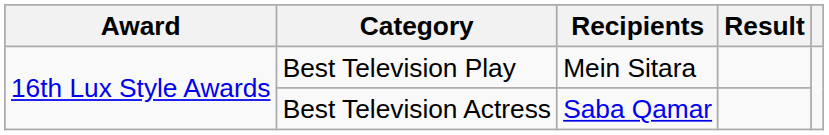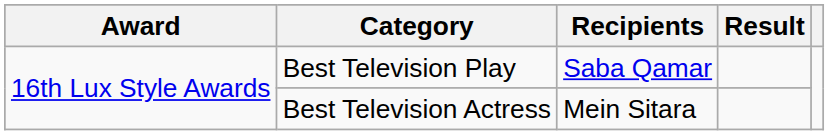 <table class="wikitable plainrowheaders sortable" style="font-size: 95%;">
 <tr>
 <th scope="col">Award</th>
 <th scope="col">Category</th>
 <th scope="col">Recipients</th>
 <th scope="col">Result</th>
 <th scope="col" class="unsortable"></th>
 </tr>
 <tr>
 <td rowspan="2"><a href='#'>16th Lux Style Awards</a></td>
 <td>Best Television Play</td>
-<td>Mein Sitara</td>
+<td><a href='#'>Saba Qamar</a></td>
 <td></td>
 <td style="text-align:center;"  rowspan="2"></td>
 </tr>
 <tr>
 <td>Best Television Actress</td>
-<td><a href='#'>Saba Qamar</a></td>
+<td>Mein Sitara</td>
 <td></td>
 </tr>
 </table>
